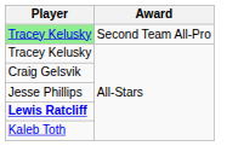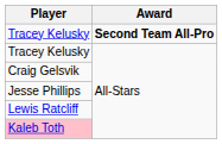 <table class="wikitable">
 <tr>
 <th>Player</th>
 <th>Award</th>
 </tr>
 <tr>
-<td style="background: lightgreen;"><a href='#'>Tracey Kelusky</a></td>
-<td>Second Team All-Pro</td>
+<td><a href='#'>Tracey Kelusky</a></td>
+<td><strong>Second Team All-Pro</strong></td>
 </tr>
 <tr>
 <td>Tracey Kelusky</td>
 <td rowspan=5>All-Stars</td>
 </tr>
 <tr>
 <td>Craig Gelsvik</td>
 </tr>
 <tr>
 <td>Jesse Phillips</td>
 </tr>
 <tr>
-<td><strong><a href='#'>Lewis Ratcliff</a></strong></td>
+<td><a href='#'>Lewis Ratcliff</a></td>
 </tr>
 <tr>
-<td><a href='#'>Kaleb Toth</a></td>
+<td style="background: pink;"><a href='#'>Kaleb Toth</a></td>
 </tr>
 </table>
